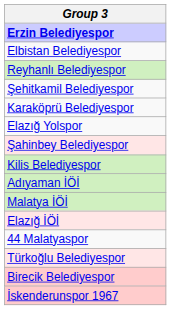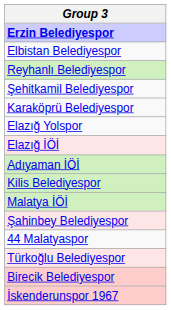 <table class="wikitable collapsible collapsed" style="font-size:95%;">
 <tr>
 <th colspan="1" width="200"><em>Group 3</em></th>
 </tr>
 <tr>
 <td style="background:#ccccff;"><strong><a href='#'>Erzin Belediyespor</a></strong></td>
 </tr>
 <tr>
 <td><a href='#'>Elbistan Belediyespor</a></td>
 </tr>
 <tr>
 <td style="background:#D0F0C0;"><a href='#'>Reyhanlı Belediyespor</a></td>
 </tr>
 <tr>
 <td><a href='#'>Şehitkamil Belediyespor</a></td>
 </tr>
 <tr>
 <td><a href='#'>Karaköprü Belediyespor</a></td>
 </tr>
 <tr>
 <td><a href='#'>Elazığ Yolspor</a></td>
 </tr>
 <tr>
-<td style="background:#FFE6E6;"><a href='#'>Şahinbey Belediyespor</a></td>
+<td style="background:#FFE6E6;"><a href='#'>Elazığ İÖİ</a></td>
+</tr>
+<tr>
+<td style="background:#D0F0C0;"><a href='#'>Adıyaman İÖİ</a></td>
 </tr>
 <tr>
 <td style="background:#D0F0C0;"><a href='#'>Kilis Belediyespor</a></td>
 </tr>
 <tr>
-<td style="background:#D0F0C0;"><a href='#'>Adıyaman İÖİ</a></td>
-</tr>
-<tr>
 <td style="background:#D0F0C0;"><a href='#'>Malatya İÖİ</a></td>
 </tr>
 <tr>
-<td style="background:#FFE6E6;"><a href='#'>Elazığ İÖİ</a></td>
+<td style="background:#FFE6E6;"><a href='#'>Şahinbey Belediyespor</a></td>
 </tr>
 <tr>
 <td><a href='#'>44 Malatyaspor</a></td>
 </tr>
 <tr>
 <td style="background:#FFE6E6;"><a href='#'>Türkoğlu Belediyespor</a></td>
 </tr>
 <tr>
 <td style="background:#fcc;"><a href='#'>Birecik Belediyespor</a></td>
 </tr>
 <tr>
 <td style="background:#fcc;"><a href='#'>İskenderunspor 1967</a></td>
 </tr>
 </table>
